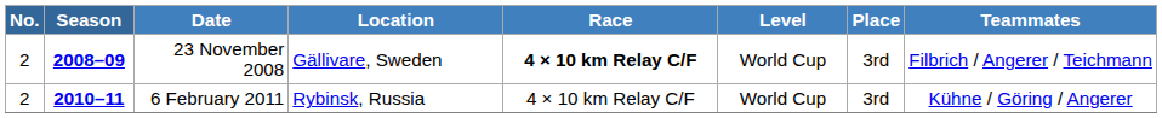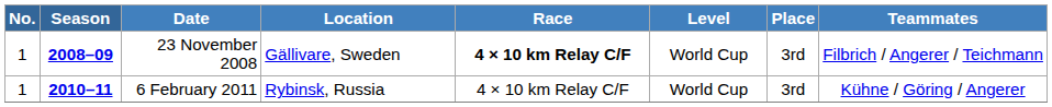 <table class="wikitable sortable" style="font-size:95%; text-align:center; border:grey solid 1px; border-collapse:collapse; background:#ffffff;">
 <tr style="background:#efefef;">
 <th style="background-color:#369; color:white;">No.</th>
 <th style="background-color:#369; color:white;">Season</th>
 <th style="background-color:#4180be; color:white; width:120px;">Date</th>
 <th style="background-color:#4180be; color:white; width:170px;">Location</th>
 <th style="background-color:#4180be; color:white; width:170px;">Race</th>
 <th style="background-color:#4180be; color:white; width:100px;">Level</th>
 <th style="background-color:#4180be; color:white;">Place</th>
 <th style="background-color:#4180be; color:white;">Teammates</th>
 </tr>
 <tr>
-<td align=center>2</td>
+<td align=center>1</td>
 <td rowspan=1 align=center><strong> <a href='#'>2008–09</a> </strong></td>
 <td align=right>23 November 2008</td>
 <td align=left> <a href='#'>Gällivare</a>, Sweden</td>
 <td><strong>4 × 10 km Relay C/F</strong></td>
 <td>World Cup</td>
 <td>3rd</td>
 <td><a href='#'>Filbrich</a> / <a href='#'>Angerer</a> / <a href='#'>Teichmann</a></td>
 </tr>
 <tr>
-<td align=center>2</td>
+<td align=center>1</td>
 <td rowspan=1 align=center><strong> <a href='#'>2010–11</a> </strong></td>
 <td align=right>6 February 2011</td>
 <td align=left> <a href='#'>Rybinsk</a>, Russia</td>
 <td>4 × 10 km Relay C/F</td>
 <td>World Cup</td>
 <td>3rd</td>
 <td><a href='#'>Kühne</a> / <a href='#'>Göring</a> / <a href='#'>Angerer</a></td>
 </tr>
 <tr>
 </tr>
 </table>
